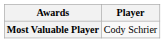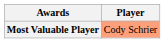 <table class="wikitable" style="font-size:90%;">
 <tr>
 <th>Awards</th>
 <th>Player</th>
 </tr>
 <tr>
 <th>Most Valuable Player</th>
-<td> Cody Schrier</td>
+<td style="background: lightsalmon;"> Cody Schrier</td>
 </tr>
 </table>
